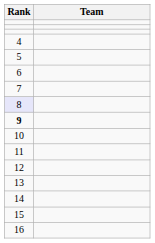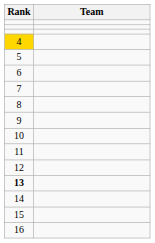 <table class="wikitable">
 <tr>
 <th style="width: 40px;">Rank</th>
 <th style="width: 180px;">Team</th>
 </tr>
 <tr>
 <td align=center></td>
 <td></td>
 </tr>
 <tr>
 <td align=center></td>
 <td></td>
 </tr>
 <tr>
 <td align=center></td>
 <td></td>
 </tr>
 <tr>
-<td align=center>4</td>
+<td align=center style="background: gold;">4</td>
 <td></td>
 </tr>
 <tr>
 <td align=center>5</td>
 <td></td>
 </tr>
 <tr>
 <td align=center>6</td>
 <td></td>
 </tr>
 <tr>
 <td align=center>7</td>
 <td></td>
 </tr>
 <tr>
-<td align=center style="background: lavender;">8</td>
+<td align=center>8</td>
 <td></td>
 </tr>
 <tr>
-<td align=center><strong>9</strong></td>
+<td align=center>9</td>
 <td></td>
 </tr>
 <tr>
 <td align=center>10</td>
 <td></td>
 </tr>
 <tr>
 <td align=center>11</td>
 <td></td>
 </tr>
 <tr>
 <td align=center>12</td>
 <td></td>
 </tr>
 <tr>
-<td align=center>13</td>
+<td align=center><strong>13</strong></td>
 <td></td>
 </tr>
 <tr>
 <td align=center>14</td>
 <td></td>
 </tr>
 <tr>
 <td align=center>15</td>
 <td></td>
 </tr>
 <tr>
 <td align=center>16</td>
 <td></td>
 </tr>
 </table>
